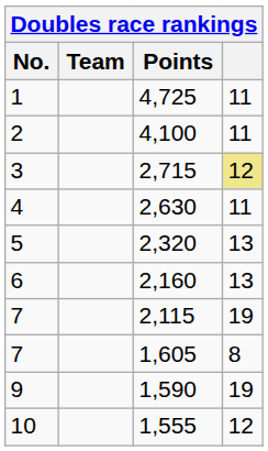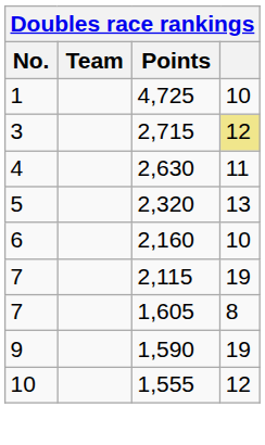 <table class="wikitable nowrap defaultcenter col2left" style="display:inline-table">
 <tr>
 <th scope="col" colspan=4><a href='#'>Doubles race rankings</a> </th>
 </tr>
 <tr>
 <th scope="col">No.</th>
 <th scope="col">Team</th>
 <th scope="col">Points</th>
 <th scope="col"></th>
 </tr>
 <tr>
 <td>1</td>
 <td> <br> </td>
 <td>4,725</td>
-<td>11</td>
-</tr>
-<tr>
-<td>2</td>
-<td> <br> </td>
-<td>4,100</td>
-<td>11</td>
+<td>10</td>
 </tr>
 <tr>
 <td>3</td>
 <td> <br></td>
 <td>2,715</td>
 <td style="background: khaki;">12</td>
 </tr>
 <tr>
 <td>4</td>
 <td> <br></td>
 <td>2,630</td>
 <td>11</td>
 </tr>
 <tr>
 <td>5</td>
 <td> <br> </td>
 <td>2,320</td>
 <td>13</td>
 </tr>
 <tr>
 <td>6</td>
 <td> <br> </td>
 <td>2,160</td>
-<td>13</td>
+<td>10</td>
 </tr>
 <tr>
 <td>7</td>
 <td> <br> </td>
 <td>2,115</td>
 <td>19</td>
 </tr>
 <tr>
 <td>7</td>
 <td> <br> </td>
 <td>1,605</td>
 <td>8</td>
 </tr>
 <tr>
 <td>9</td>
 <td> <br> </td>
 <td>1,590</td>
 <td>19</td>
 </tr>
 <tr>
 <td>10</td>
 <td> <br></td>
 <td>1,555</td>
 <td>12</td>
 </tr>
 </table>
